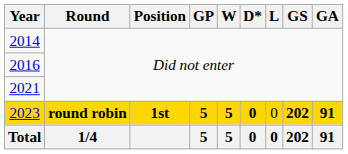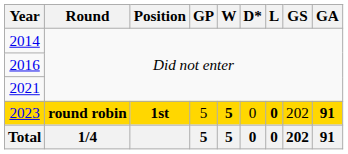 <table class="wikitable" style="text-align: center;">
 <tr>
 <th>Year</th>
 <th>Round</th>
 <th>Position</th>
 <th>GP</th>
 <th>W</th>
 <th>D*</th>
 <th>L</th>
 <th>GS</th>
 <th>GA</th>
 </tr>
 <tr>
 <td> <a href='#'>2014</a></td>
 <td colspan="8" rowspan="3"><em>Did not enter</em></td>
 </tr>
 <tr>
 <td> <a href='#'>2016</a></td>
 </tr>
 <tr>
 <td> <a href='#'>2021</a></td>
 </tr>
 <tr style="background:gold;">
 <td> <a href='#'>2023</a></td>
 <td><strong>round robin</strong></td>
 <td><strong>1st</strong></td>
+<td>5</td>
 <td><strong>5</strong></td>
-<td><strong>5</strong></td>
+<td>0</td>
 <td><strong>0</strong></td>
-<td>0</td>
-<td><strong>202</strong></td>
+<td>202</td>
 <td><strong>91</strong></td>
 </tr>
 <tr>
 <th>Total</th>
 <th>1/4</th>
 <th></th>
 <th>5</th>
 <th>5</th>
 <th>0</th>
 <th>0</th>
 <th>202</th>
 <th>91</th>
 </tr>
 </table>
